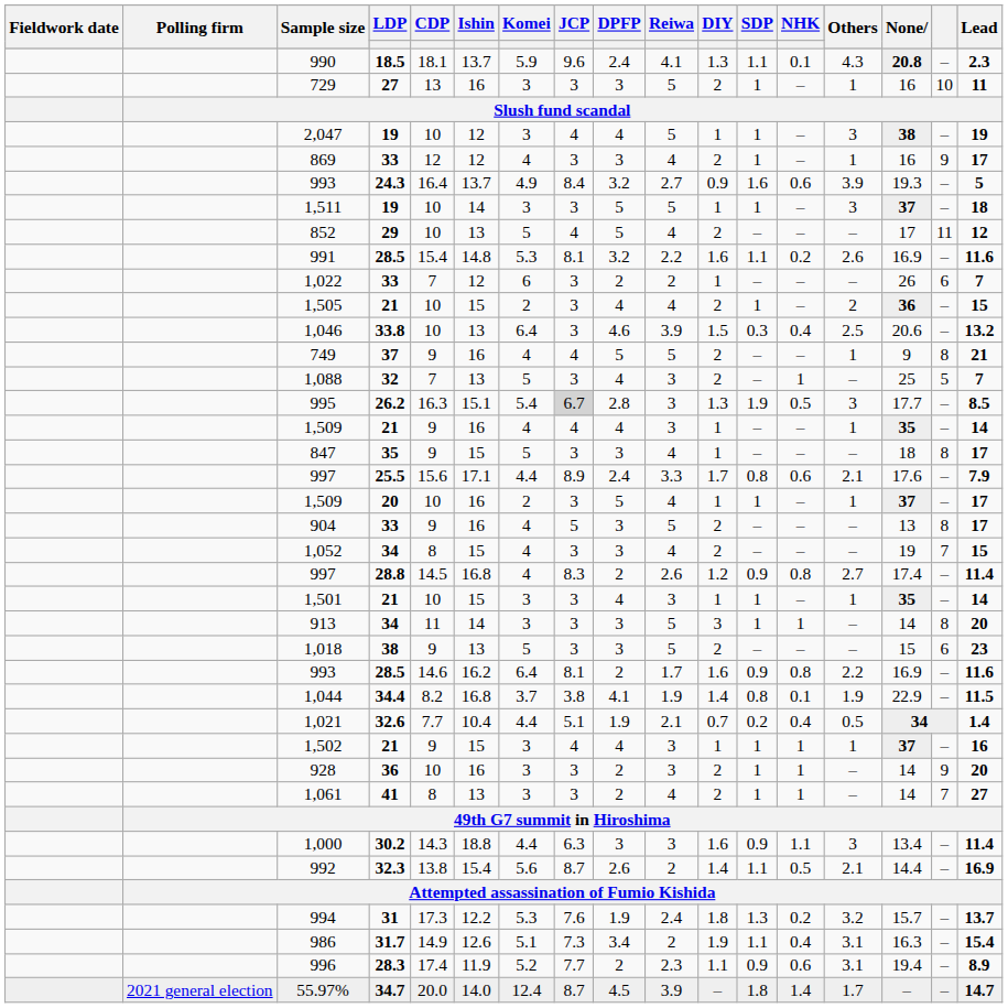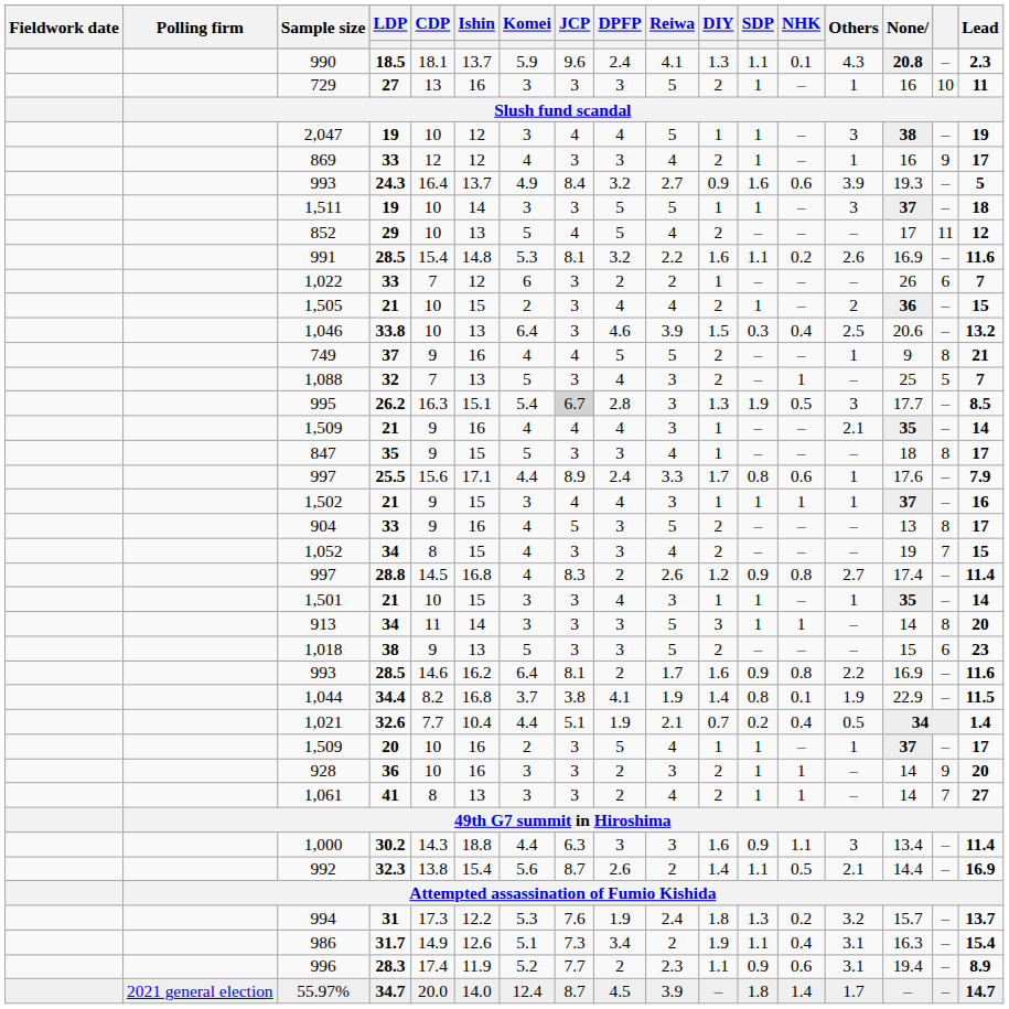 <table class="wikitable mw-datatable sortable mw-collapsible mw-collapsed" style="text-align:center;font-size:90%;line-height:14px;">
 <tr style="height:30px; background-color:#8B8B8B">
 <th rowspan="2" class="unsortable">Fieldwork date</th>
 <th rowspan="2" class="unsortable">Polling firm</th>
 <th rowspan="2" class="unsortable">Sample size</th>
 <th class="unsortable"><a href='#'>LDP</a></th>
 <th class="unsortable"><a href='#'>CDP</a></th>
 <th class="unsortable"><a href='#'>Ishin</a></th>
 <th class="unsortable"><a href='#'>Komei</a></th>
 <th class="unsortable"><a href='#'>JCP</a></th>
 <th class="unsortable"><a href='#'>DPFP</a></th>
 <th class="unsortable"><a href='#'>Reiwa</a></th>
 <th class="unsortable"><a href='#'>DIY</a></th>
 <th class="unsortable"><a href='#'>SDP</a></th>
 <th class="unsortable"><a href='#'>NHK</a></th>
 <th rowspan="2" class="unsortable">Others</th>
 <th rowspan="2" class="unsortable">None/</th>
 <th rowspan="2" class="unsortable"></th>
 <th rowspan="2" class="unsortable">Lead</th>
 </tr>
 <tr>
 <th data-sort-type="number" style="background:"></th>
 <th data-sort-type="number" style="background:"></th>
 <th data-sort-type="number" style="background:"></th>
 <th data-sort-type="number" style="background:"></th>
 <th data-sort-type="number" style="background:"></th>
 <th data-sort-type="number" style="background:"></th>
 <th data-sort-type="number" style="background:"></th>
 <th data-sort-type="number" style="background:"></th>
 <th data-sort-type="number" style="background:"></th>
 <th data-sort-type="number" style="background:"></th>
 </tr>
 <tr>
 <td></td>
 <td></td>
 <td>990</td>
 <td><strong>18.5</strong></td>
 <td>18.1</td>
 <td>13.7</td>
 <td>5.9</td>
 <td>9.6</td>
 <td>2.4</td>
 <td>4.1</td>
 <td>1.3</td>
 <td>1.1</td>
 <td>0.1</td>
 <td>4.3</td>
 <td style="background:#EEEEEE;"><strong>20.8</strong></td>
 <td>–</td>
 <td style="background:"><strong>2.3</strong></td>
 </tr>
 <tr>
 <td></td>
 <td></td>
 <td>729</td>
 <td><strong>27</strong></td>
 <td>13</td>
 <td>16</td>
 <td>3</td>
 <td>3</td>
 <td>3</td>
 <td>5</td>
 <td>2</td>
 <td>1</td>
 <td>–</td>
 <td>1</td>
 <td>16</td>
 <td>10</td>
 <td style="background:"><strong>11</strong></td>
 </tr>
 <tr>
 <th></th>
 <th colspan="16"><a href='#'>Slush fund scandal</a></th>
 </tr>
 <tr>
 <td></td>
 <td></td>
 <td>2,047</td>
 <td><strong>19</strong></td>
 <td>10</td>
 <td>12</td>
 <td>3</td>
 <td>4</td>
 <td>4</td>
 <td>5</td>
 <td>1</td>
 <td>1</td>
 <td>–</td>
 <td>3</td>
 <td style="background:#EEEEEE;"><strong>38</strong></td>
 <td>–</td>
 <td style="background:"><strong>19</strong></td>
 </tr>
 <tr>
 <td></td>
 <td></td>
 <td>869</td>
 <td><strong>33</strong></td>
 <td>12</td>
 <td>12</td>
 <td>4</td>
 <td>3</td>
 <td>3</td>
 <td>4</td>
 <td>2</td>
 <td>1</td>
 <td>–</td>
 <td>1</td>
 <td>16</td>
 <td>9</td>
 <td style="background:"><strong>17</strong></td>
 </tr>
 <tr>
 <td></td>
 <td></td>
 <td>993</td>
 <td><strong>24.3</strong></td>
 <td>16.4</td>
 <td>13.7</td>
 <td>4.9</td>
 <td>8.4</td>
 <td>3.2</td>
 <td>2.7</td>
 <td>0.9</td>
 <td>1.6</td>
 <td>0.6</td>
 <td>3.9</td>
 <td>19.3</td>
 <td>–</td>
 <td style="background:"><strong>5</strong></td>
 </tr>
 <tr>
 <td></td>
 <td></td>
 <td>1,511</td>
 <td><strong>19</strong></td>
 <td>10</td>
 <td>14</td>
 <td>3</td>
 <td>3</td>
 <td>5</td>
 <td>5</td>
 <td>1</td>
 <td>1</td>
 <td>–</td>
 <td>3</td>
 <td style="background:#EEEEEE;"><strong>37</strong></td>
 <td>–</td>
 <td style="background:"><strong>18</strong></td>
 </tr>
 <tr>
 <td></td>
 <td></td>
 <td>852</td>
 <td><strong>29</strong></td>
 <td>10</td>
 <td>13</td>
 <td>5</td>
 <td>4</td>
 <td>5</td>
 <td>4</td>
 <td>2</td>
 <td>–</td>
 <td>–</td>
 <td>–</td>
 <td>17</td>
 <td>11</td>
 <td style="background:"><strong>12</strong></td>
 </tr>
 <tr>
 <td></td>
 <td></td>
 <td>991</td>
 <td><strong>28.5</strong></td>
 <td>15.4</td>
 <td>14.8</td>
 <td>5.3</td>
 <td>8.1</td>
 <td>3.2</td>
 <td>2.2</td>
 <td>1.6</td>
 <td>1.1</td>
 <td>0.2</td>
 <td>2.6</td>
 <td>16.9</td>
 <td>–</td>
 <td style="background:"><strong>11.6</strong></td>
 </tr>
 <tr>
 <td></td>
 <td></td>
 <td>1,022</td>
 <td><strong>33</strong></td>
 <td>7</td>
 <td>12</td>
 <td>6</td>
 <td>3</td>
 <td>2</td>
 <td>2</td>
 <td>1</td>
 <td>–</td>
 <td>–</td>
 <td>–</td>
 <td>26</td>
 <td>6</td>
 <td style="background:"><strong>7</strong></td>
 </tr>
 <tr>
 <td></td>
 <td></td>
 <td>1,505</td>
 <td><strong>21</strong></td>
 <td>10</td>
 <td>15</td>
 <td>2</td>
 <td>3</td>
 <td>4</td>
 <td>4</td>
 <td>2</td>
 <td>1</td>
 <td>–</td>
 <td>2</td>
 <td style="background:#EEEEEE;"><strong>36</strong></td>
 <td>–</td>
 <td style="background:"><strong>15</strong></td>
 </tr>
 <tr>
 <td></td>
 <td></td>
 <td>1,046</td>
 <td><strong>33.8</strong></td>
 <td>10</td>
 <td>13</td>
 <td>6.4</td>
 <td>3</td>
 <td>4.6</td>
 <td>3.9</td>
 <td>1.5</td>
 <td>0.3</td>
 <td>0.4</td>
 <td>2.5</td>
 <td>20.6</td>
 <td>–</td>
 <td style="background:"><strong>13.2</strong></td>
 </tr>
 <tr>
 <td></td>
 <td></td>
 <td>749</td>
 <td><strong>37</strong></td>
 <td>9</td>
 <td>16</td>
 <td>4</td>
 <td>4</td>
 <td>5</td>
 <td>5</td>
 <td>2</td>
 <td>–</td>
 <td>–</td>
 <td>1</td>
 <td>9</td>
 <td>8</td>
 <td style="background:"><strong>21</strong></td>
 </tr>
 <tr>
 <td></td>
 <td></td>
 <td>1,088</td>
 <td><strong>32</strong></td>
 <td>7</td>
 <td>13</td>
 <td>5</td>
 <td>3</td>
 <td>4</td>
 <td>3</td>
 <td>2</td>
 <td>–</td>
 <td>1</td>
 <td>–</td>
 <td>25</td>
 <td>5</td>
 <td style="background:"><strong>7</strong></td>
 </tr>
 <tr>
 <td></td>
 <td></td>
 <td>995</td>
 <td><strong>26.2</strong></td>
 <td>16.3</td>
 <td>15.1</td>
 <td>5.4</td>
 <td style="background: lightgrey;">6.7</td>
 <td>2.8</td>
 <td>3</td>
 <td>1.3</td>
 <td>1.9</td>
 <td>0.5</td>
 <td>3</td>
 <td>17.7</td>
 <td>–</td>
 <td style="background:"><strong>8.5</strong></td>
 </tr>
 <tr>
 <td></td>
 <td></td>
 <td>1,509</td>
 <td><strong>21</strong></td>
 <td>9</td>
 <td>16</td>
 <td>4</td>
 <td>4</td>
 <td>4</td>
 <td>3</td>
 <td>1</td>
 <td>–</td>
 <td>–</td>
-<td>1</td>
+<td>2.1</td>
 <td style="background:#EEEEEE;"><strong>35</strong></td>
 <td>–</td>
 <td style="background:"><strong>14</strong></td>
 </tr>
 <tr>
 <td></td>
 <td></td>
 <td>847</td>
 <td><strong>35</strong></td>
 <td>9</td>
 <td>15</td>
 <td>5</td>
 <td>3</td>
 <td>3</td>
 <td>4</td>
 <td>1</td>
 <td>–</td>
 <td>–</td>
 <td>–</td>
 <td>18</td>
 <td>8</td>
 <td style="background:"><strong>17</strong></td>
 </tr>
 <tr>
 <td></td>
 <td></td>
 <td>997</td>
 <td><strong>25.5</strong></td>
 <td>15.6</td>
 <td>17.1</td>
 <td>4.4</td>
 <td>8.9</td>
 <td>2.4</td>
 <td>3.3</td>
 <td>1.7</td>
 <td>0.8</td>
 <td>0.6</td>
-<td>2.1</td>
+<td>1</td>
 <td>17.6</td>
 <td>–</td>
 <td style="background:"><strong>7.9</strong></td>
 </tr>
 <tr>
 <td></td>
 <td></td>
-<td>1,509</td>
-<td><strong>20</strong></td>
-<td>10</td>
-<td>16</td>
-<td>2</td>
+<td>1,502</td>
+<td><strong>21</strong></td>
+<td>9</td>
+<td>15</td>
 <td>3</td>
-<td>5</td>
 <td>4</td>
+<td>4</td>
+<td>3</td>
 <td>1</td>
 <td>1</td>
-<td>–</td>
+<td>1</td>
 <td>1</td>
 <td style="background:#EEEEEE;"><strong>37</strong></td>
 <td>–</td>
-<td style="background:"><strong>17</strong></td>
+<td style="background:"><strong>16</strong></td>
 </tr>
 <tr>
 <td></td>
 <td></td>
 <td>904</td>
 <td><strong>33</strong></td>
 <td>9</td>
 <td>16</td>
 <td>4</td>
 <td>5</td>
 <td>3</td>
 <td>5</td>
 <td>2</td>
 <td>–</td>
 <td>–</td>
 <td>–</td>
 <td>13</td>
 <td>8</td>
 <td style="background:"><strong>17</strong></td>
 </tr>
 <tr>
 <td></td>
 <td></td>
 <td>1,052</td>
 <td><strong>34</strong></td>
 <td>8</td>
 <td>15</td>
 <td>4</td>
 <td>3</td>
 <td>3</td>
 <td>4</td>
 <td>2</td>
 <td>–</td>
 <td>–</td>
 <td>–</td>
 <td>19</td>
 <td>7</td>
 <td style="background:"><strong>15</strong></td>
 </tr>
 <tr>
 <td></td>
 <td></td>
 <td>997</td>
 <td><strong>28.8</strong></td>
 <td>14.5</td>
 <td>16.8</td>
 <td>4</td>
 <td>8.3</td>
 <td>2</td>
 <td>2.6</td>
 <td>1.2</td>
 <td>0.9</td>
 <td>0.8</td>
 <td>2.7</td>
 <td>17.4</td>
 <td>–</td>
 <td style="background:"><strong>11.4</strong></td>
 </tr>
 <tr>
 <td></td>
 <td></td>
 <td>1,501</td>
 <td><strong>21</strong></td>
 <td>10</td>
 <td>15</td>
 <td>3</td>
 <td>3</td>
 <td>4</td>
 <td>3</td>
 <td>1</td>
 <td>1</td>
 <td>–</td>
 <td>1</td>
 <td style="background:#EEEEEE;"><strong>35</strong></td>
 <td>–</td>
 <td style="background:"><strong>14</strong></td>
 </tr>
 <tr>
 <td></td>
 <td></td>
 <td>913</td>
 <td><strong>34</strong></td>
 <td>11</td>
 <td>14</td>
 <td>3</td>
 <td>3</td>
 <td>3</td>
 <td>5</td>
 <td>3</td>
 <td>1</td>
 <td>1</td>
 <td>–</td>
 <td>14</td>
 <td>8</td>
 <td style="background:"><strong>20</strong></td>
 </tr>
 <tr>
 <td></td>
 <td></td>
 <td>1,018</td>
 <td><strong>38</strong></td>
 <td>9</td>
 <td>13</td>
 <td>5</td>
 <td>3</td>
 <td>3</td>
 <td>5</td>
 <td>2</td>
 <td>–</td>
 <td>–</td>
 <td>–</td>
 <td>15</td>
 <td>6</td>
 <td style="background:"><strong>23</strong></td>
 </tr>
 <tr>
 <td></td>
 <td></td>
 <td>993</td>
 <td><strong>28.5</strong></td>
 <td>14.6</td>
 <td>16.2</td>
 <td>6.4</td>
 <td>8.1</td>
 <td>2</td>
 <td>1.7</td>
 <td>1.6</td>
 <td>0.9</td>
 <td>0.8</td>
 <td>2.2</td>
 <td>16.9</td>
 <td>–</td>
 <td style="background:"><strong>11.6</strong></td>
 </tr>
 <tr>
 <td></td>
 <td></td>
 <td>1,044</td>
 <td><strong>34.4</strong></td>
 <td>8.2</td>
 <td>16.8</td>
 <td>3.7</td>
 <td>3.8</td>
 <td>4.1</td>
 <td>1.9</td>
 <td>1.4</td>
 <td>0.8</td>
 <td>0.1</td>
 <td>1.9</td>
 <td>22.9</td>
 <td>–</td>
 <td style="background:"><strong>11.5</strong></td>
 </tr>
 <tr>
 <td></td>
 <td></td>
 <td>1,021</td>
 <td><strong>32.6</strong></td>
 <td>7.7</td>
 <td>10.4</td>
 <td>4.4</td>
 <td>5.1</td>
 <td>1.9</td>
 <td>2.1</td>
 <td>0.7</td>
 <td>0.2</td>
 <td>0.4</td>
 <td>0.5</td>
 <td colspan="2" style="background:#EEEEEE;"><strong>34</strong></td>
 <td style="background:"><strong>1.4</strong></td>
 </tr>
 <tr>
 <td></td>
 <td></td>
-<td>1,502</td>
-<td><strong>21</strong></td>
-<td>9</td>
-<td>15</td>
+<td>1,509</td>
+<td><strong>20</strong></td>
+<td>10</td>
+<td>16</td>
+<td>2</td>
 <td>3</td>
+<td>5</td>
 <td>4</td>
-<td>4</td>
-<td>3</td>
 <td>1</td>
 <td>1</td>
-<td>1</td>
+<td>–</td>
 <td>1</td>
 <td style="background:#EEEEEE;"><strong>37</strong></td>
 <td>–</td>
-<td style="background:"><strong>16</strong></td>
+<td style="background:"><strong>17</strong></td>
 </tr>
 <tr>
 <td></td>
 <td></td>
 <td>928</td>
 <td><strong>36</strong></td>
 <td>10</td>
 <td>16</td>
 <td>3</td>
 <td>3</td>
 <td>2</td>
 <td>3</td>
 <td>2</td>
 <td>1</td>
 <td>1</td>
 <td>–</td>
 <td>14</td>
 <td>9</td>
 <td style="background:"><strong>20</strong></td>
 </tr>
 <tr>
 <td></td>
 <td></td>
 <td>1,061</td>
 <td><strong>41</strong></td>
 <td>8</td>
 <td>13</td>
 <td>3</td>
 <td>3</td>
 <td>2</td>
 <td>4</td>
 <td>2</td>
 <td>1</td>
 <td>1</td>
 <td>–</td>
 <td>14</td>
 <td>7</td>
 <td style="background:"><strong>27</strong></td>
 </tr>
 <tr>
 <th></th>
 <th colspan="16"><a href='#'>49th G7 summit</a> in <a href='#'>Hiroshima</a></th>
 </tr>
 <tr>
 <td></td>
 <td></td>
 <td>1,000</td>
 <td><strong>30.2</strong></td>
 <td>14.3</td>
 <td>18.8</td>
 <td>4.4</td>
 <td>6.3</td>
 <td>3</td>
 <td>3</td>
 <td>1.6</td>
 <td>0.9</td>
 <td>1.1</td>
 <td>3</td>
 <td>13.4</td>
 <td>–</td>
 <td style="background:"><strong>11.4</strong></td>
 </tr>
 <tr>
 <td></td>
 <td></td>
 <td>992</td>
 <td><strong>32.3</strong></td>
 <td>13.8</td>
 <td>15.4</td>
 <td>5.6</td>
 <td>8.7</td>
 <td>2.6</td>
 <td>2</td>
 <td>1.4</td>
 <td>1.1</td>
 <td>0.5</td>
 <td>2.1</td>
 <td>14.4</td>
 <td>–</td>
 <td style="background:"><strong>16.9</strong></td>
 </tr>
 <tr>
 <th></th>
 <th colspan="16"><a href='#'>Attempted assassination of Fumio Kishida</a></th>
 </tr>
 <tr>
 <td></td>
 <td></td>
 <td>994</td>
 <td><strong>31</strong></td>
 <td>17.3</td>
 <td>12.2</td>
 <td>5.3</td>
 <td>7.6</td>
 <td>1.9</td>
 <td>2.4</td>
 <td>1.8</td>
 <td>1.3</td>
 <td>0.2</td>
 <td>3.2</td>
 <td>15.7</td>
 <td>–</td>
 <td style="background:"><strong>13.7</strong></td>
 </tr>
 <tr>
 <td></td>
 <td></td>
 <td>986</td>
 <td><strong>31.7</strong></td>
 <td>14.9</td>
 <td>12.6</td>
 <td>5.1</td>
 <td>7.3</td>
 <td>3.4</td>
 <td>2</td>
 <td>1.9</td>
 <td>1.1</td>
 <td>0.4</td>
 <td>3.1</td>
 <td>16.3</td>
 <td>–</td>
 <td style="background:"><strong>15.4</strong></td>
 </tr>
 <tr>
 <td></td>
 <td></td>
 <td>996</td>
 <td><strong>28.3</strong></td>
 <td>17.4</td>
 <td>11.9</td>
 <td>5.2</td>
 <td>7.7</td>
 <td>2</td>
 <td>2.3</td>
 <td>1.1</td>
 <td>0.9</td>
 <td>0.6</td>
 <td>3.1</td>
 <td>19.4</td>
 <td>–</td>
 <td style="background:"><strong>8.9</strong></td>
 </tr>
 <tr style="background:#EFEFEF;">
 <td></td>
 <td><a href='#'>2021 general election</a></td>
 <td>55.97%</td>
 <td><strong>34.7</strong></td>
 <td>20.0</td>
 <td>14.0</td>
 <td>12.4</td>
 <td>8.7</td>
 <td>4.5</td>
 <td>3.9</td>
 <td>–</td>
 <td>1.8</td>
 <td>1.4</td>
 <td>1.7</td>
 <td>–</td>
 <td>–</td>
 <td style="background:"><strong>14.7</strong></td>
 </tr>
 </table>
